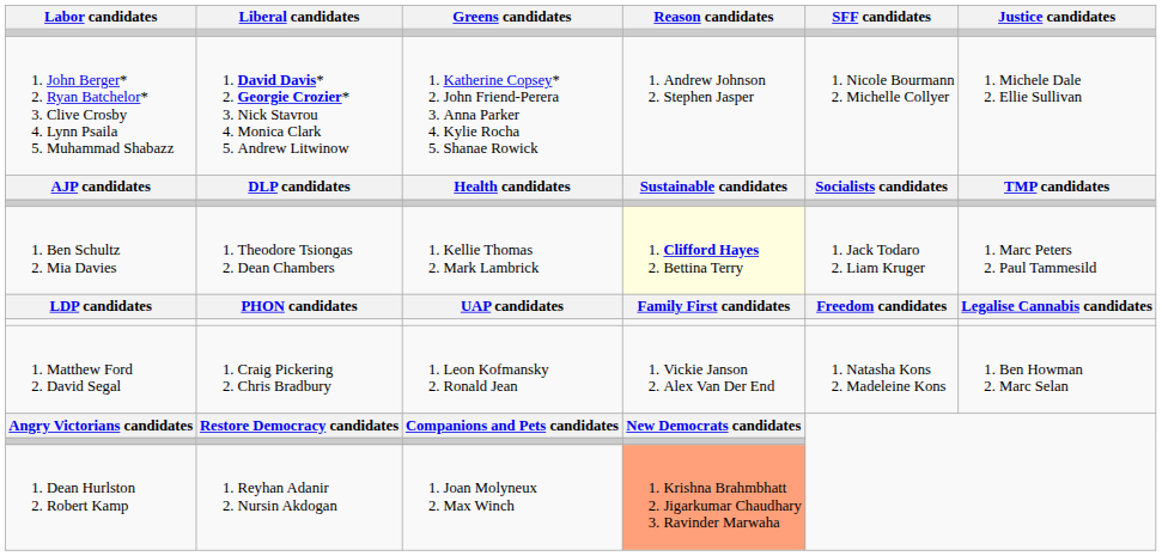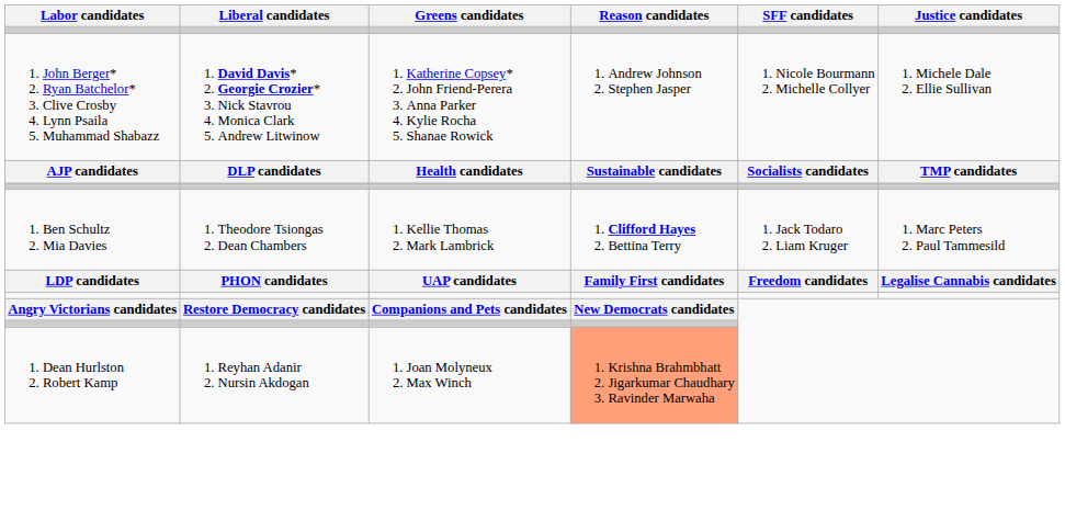 <table class="wikitable" style="max-width:90em";>
 <tr>
 <th><a href='#'>Labor</a> candidates</th>
 <th><a href='#'>Liberal</a> candidates</th>
 <th><a href='#'>Greens</a> candidates</th>
 <th><a href='#'>Reason</a> candidates</th>
 <th><a href='#'>SFF</a> candidates</th>
 <th><a href='#'>Justice</a> candidates</th>
 </tr>
 <tr style="background:#ccc;">
 <td></td>
 <td></td>
 <td></td>
 <td></td>
 <td></td>
 <td></td>
 </tr>
 <tr>
 <td><br><ol><li><a href='#'>John Berger</a>*</li><li><a href='#'>Ryan Batchelor</a>*</li><li>Clive Crosby</li><li>Lynn Psaila</li><li>Muhammad Shabazz</li></ol></td>
 <td><br><ol><li><strong><a href='#'>David Davis</a></strong>*</li><li><strong><a href='#'>Georgie Crozier</a></strong>*</li><li>Nick Stavrou</li><li>Monica Clark</li><li>Andrew Litwinow</li></ol></td>
 <td><br><ol><li><a href='#'>Katherine Copsey</a>*</li><li>John Friend-Perera</li><li>Anna Parker</li><li>Kylie Rocha</li><li>Shanae Rowick</li></ol></td>
 <td valign=top><br><ol><li>Andrew Johnson</li><li>Stephen Jasper</li></ol></td>
 <td valign=top><br><ol><li>Nicole Bourmann</li><li>Michelle Collyer</li></ol></td>
 <td valign=top><br><ol><li>Michele Dale</li><li>Ellie Sullivan</li></ol></td>
 </tr>
 <tr style="background:#ccc;">
 <th><a href='#'>AJP</a> candidates</th>
 <th><a href='#'>DLP</a> candidates</th>
 <th><a href='#'>Health</a> candidates</th>
 <th><a href='#'>Sustainable</a> candidates</th>
 <th><a href='#'>Socialists</a> candidates</th>
 <th><a href='#'>TMP</a> candidates</th>
 </tr>
 <tr style="background:#ccc;">
 <td></td>
 <td></td>
 <td></td>
 <td></td>
 <td></td>
 <td></td>
 </tr>
 <tr>
 <td valign=top><br><ol><li>Ben Schultz</li><li>Mia Davies</li></ol></td>
 <td valign=top><br><ol><li>Theodore Tsiongas</li><li>Dean Chambers</li></ol></td>
 <td valign=top><br><ol><li>Kellie Thomas</li><li>Mark Lambrick</li></ol></td>
-<td valign=top style="background: lightyellow;"><br><ol><li><strong><a href='#'>Clifford Hayes</a></strong></li><li>Bettina Terry</li></ol></td>
+<td valign=top><br><ol><li><strong><a href='#'>Clifford Hayes</a></strong></li><li>Bettina Terry</li></ol></td>
 <td valign=top><br><ol><li>Jack Todaro</li><li>Liam Kruger</li></ol></td>
 <td valign=top><br><ol><li>Marc Peters</li><li>Paul Tammesild</li></ol></td>
 </tr>
 <tr style="background:#ccc;">
 <th><a href='#'>LDP</a> candidates</th>
 <th><a href='#'>PHON</a> candidates</th>
 <th><a href='#'>UAP</a> candidates</th>
 <th><a href='#'>Family First</a> candidates</th>
 <th><a href='#'>Freedom</a> candidates</th>
 <th><a href='#'>Legalise Cannabis</a> candidates</th>
 </tr>
 <tr>
 <td></td>
 <td></td>
 <td></td>
 <td></td>
 <td></td>
 <td></td>
-</tr>
-<tr>
-<td valign=top><br><ol><li>Matthew Ford</li><li>David Segal</li></ol></td>
-<td valign=top><br><ol><li>Craig Pickering</li><li>Chris Bradbury</li></ol></td>
-<td valign=top><br><ol><li>Leon Kofmansky</li><li>Ronald Jean</li></ol></td>
-<td valign=top><br><ol><li>Vickie Janson</li><li>Alex Van Der End</li></ol></td>
-<td valign=top><br><ol><li>Natasha Kons</li><li>Madeleine Kons</li></ol></td>
-<td valign=top><br><ol><li>Ben Howman</li><li>Marc Selan</li></ol></td>
 </tr>
 <tr style="background:#ccc;">
 <th><a href='#'>Angry Victorians</a> candidates</th>
 <th><a href='#'>Restore Democracy</a> candidates</th>
 <th><a href='#'>Companions and Pets</a> candidates</th>
 <th><a href='#'>New Democrats</a> candidates</th>
 </tr>
 <tr style=background:#ccc>
 <td></td>
 <td></td>
 <td></td>
 <td></td>
 </tr>
 <tr>
 <td valign=top><br><ol><li>Dean Hurlston</li><li>Robert Kamp</li></ol></td>
 <td valign=top><br><ol><li>Reyhan Adanir</li><li>Nursin Akdogan</li></ol></td>
 <td valign=top><br><ol><li>Joan Molyneux</li><li>Max Winch</li></ol></td>
 <td valign=top style="background: lightsalmon;"><br><ol><li>Krishna Brahmbhatt</li><li>Jigarkumar Chaudhary</li><li>Ravinder Marwaha</li></ol></td>
 </tr>
 </table>
